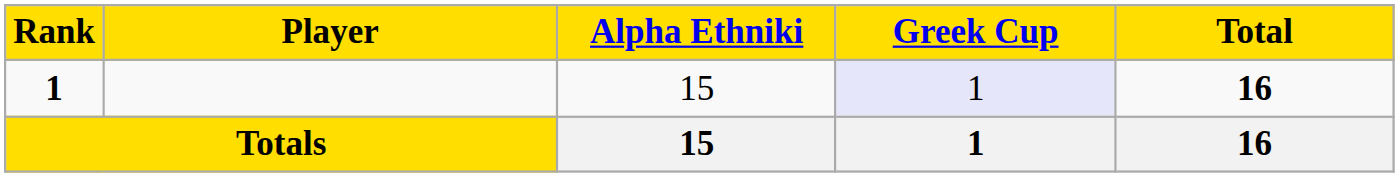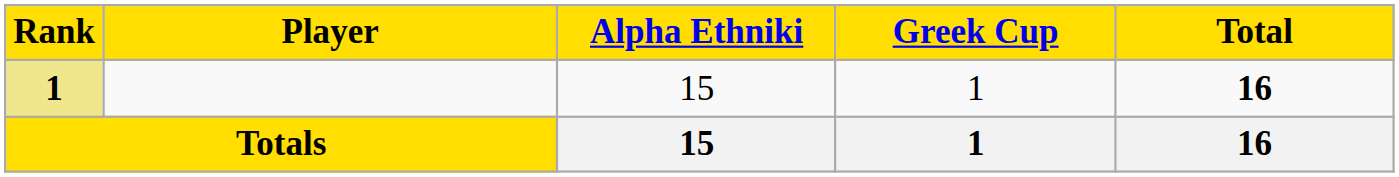 <table class="wikitable sortable" style="text-align:center">
 <tr>
 <th style="background:#FFDE00">Rank</th>
 <th width=200 style="background:#FFDE00">Player</th>
 <th width=120 style="background:#FFDE00"><a href='#'>Alpha Ethniki</a></th>
 <th width=120 style="background:#FFDE00"><a href='#'>Greek Cup</a></th>
 <th width=120 style="background:#FFDE00">Total</th>
 </tr>
 <tr>
-<td><strong>1</strong></td>
+<td style="background: khaki;"><strong>1</strong></td>
 <td align=left></td>
 <td>15</td>
-<td style="background: lavender;">1</td>
+<td>1</td>
 <td><strong>16</strong></td>
 </tr>
 <tr class="sortbottom">
 <th colspan=2 style="background:#FFDE00"><strong>Totals</strong></th>
 <th><strong>15</strong></th>
 <th><strong> 1</strong></th>
 <th><strong>16</strong></th>
 </tr>
 </table>
